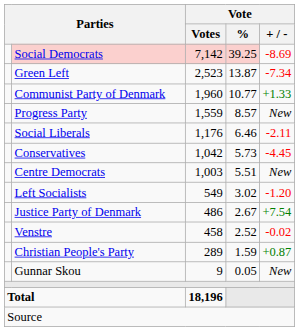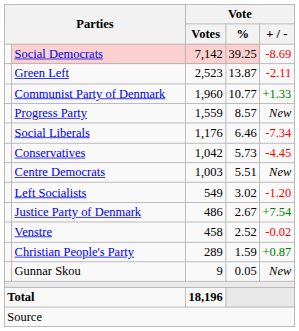 <table class="wikitable" style="text-align:right;">
 <tr>
 <th style="text-align:centre;" rowspan="2" colspan="2" width="225">Parties</th>
 <th colspan="3">Vote</th>
 </tr>
 <tr>
 <th width="15">Votes</th>
 <th width="15">%</th>
 <th width="15">+ / -</th>
 </tr>
 <tr>
 <td width="2" style="color:inherit;background:"></td>
 <td bgcolor=#fbd0ce  align="left"><a href='#'>Social Democrats</a></td>
 <td bgcolor=#fbd0ce>7,142</td>
 <td bgcolor=#fbd0ce>39.25</td>
 <td style=color:red;>-8.69</td>
 </tr>
 <tr>
 <td width="2" style="color:inherit;background:"></td>
 <td align="left"><a href='#'>Green Left</a></td>
 <td>2,523</td>
 <td>13.87</td>
-<td style=color:red;>-7.34</td>
+<td style=color:red;>-2.11</td>
 </tr>
 <tr>
 <td width="2" style="color:inherit;background:"></td>
 <td align="left"><a href='#'>Communist Party of Denmark</a></td>
 <td>1,960</td>
 <td>10.77</td>
 <td style=color:green;>+1.33</td>
 </tr>
 <tr>
 <td width="2" style="color:inherit;background:"></td>
 <td align="left"><a href='#'>Progress Party</a></td>
 <td>1,559</td>
 <td>8.57</td>
 <td><em>New</em></td>
 </tr>
 <tr>
 <td width="2" style="color:inherit;background:"></td>
 <td align="left"><a href='#'>Social Liberals</a></td>
 <td>1,176</td>
 <td>6.46</td>
-<td style=color:red;>-2.11</td>
+<td style=color:red;>-7.34</td>
 </tr>
 <tr>
 <td width="2" style="color:inherit;background:"></td>
 <td align="left"><a href='#'>Conservatives</a></td>
 <td>1,042</td>
 <td>5.73</td>
 <td style=color:red;>-4.45</td>
 </tr>
 <tr>
 <td width="2" style="color:inherit;background:"></td>
 <td align="left"><a href='#'>Centre Democrats</a></td>
 <td>1,003</td>
 <td>5.51</td>
 <td><em>New</em></td>
 </tr>
 <tr>
 <td width="2" style="color:inherit;background:"></td>
 <td align="left"><a href='#'>Left Socialists</a></td>
 <td>549</td>
 <td>3.02</td>
 <td style=color:red;>-1.20</td>
 </tr>
 <tr>
 <td width="2" style="color:inherit;background:"></td>
 <td align="left"><a href='#'>Justice Party of Denmark</a></td>
 <td>486</td>
 <td>2.67</td>
 <td style=color:green;>+7.54</td>
 </tr>
 <tr>
 <td width="2" style="color:inherit;background:"></td>
 <td align="left"><a href='#'>Venstre</a></td>
 <td>458</td>
 <td>2.52</td>
 <td style=color:red;>-0.02</td>
 </tr>
 <tr>
 <td width="2" style="color:inherit;background:"></td>
 <td align="left"><a href='#'>Christian People's Party</a></td>
 <td>289</td>
 <td>1.59</td>
 <td style=color:green;>+0.87</td>
 </tr>
 <tr>
 <td width="2" style="color:inherit;background:"></td>
 <td align="left">Gunnar Skou</td>
 <td>9</td>
 <td>0.05</td>
 <td><em>New</em></td>
 </tr>
 <tr>
 <td colspan="7" bgcolor="#E9E9E9"></td>
 </tr>
 <tr>
 <td align="left" colspan="2"><strong>Total</strong></td>
 <td><strong>18,196</strong></td>
 <td bgcolor="#E9E9E9" colspan="2"></td>
 </tr>
 <tr>
 <td align="left" colspan="6">Source</td>
 </tr>
 </table>
